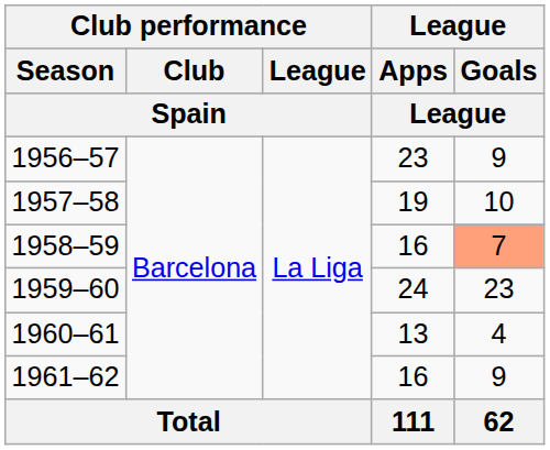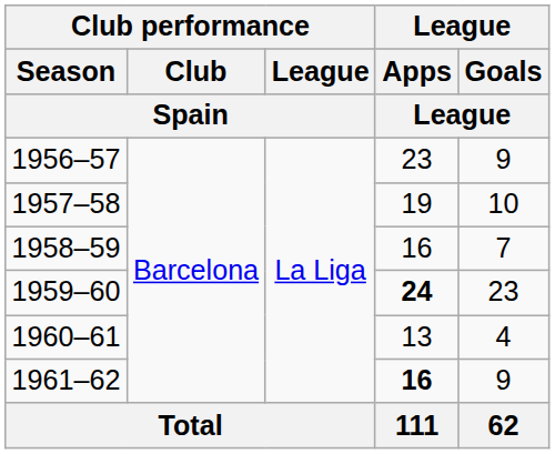 <table class="wikitable" style="text-align:center;">
 <tr>
 <th colspan=3>Club performance</th>
 <th colspan=2>League</th>
 </tr>
 <tr>
 <th>Season</th>
 <th>Club</th>
 <th>League</th>
 <th>Apps</th>
 <th>Goals</th>
 </tr>
 <tr>
 <th colspan=3>Spain</th>
 <th colspan=2>League</th>
 </tr>
 <tr>
 <td>1956–57</td>
 <td rowspan="6"><a href='#'>Barcelona</a></td>
 <td rowspan="6"><a href='#'>La Liga</a></td>
 <td>23</td>
 <td>9</td>
 </tr>
 <tr>
 <td>1957–58</td>
 <td>19</td>
 <td>10</td>
 </tr>
 <tr>
 <td>1958–59</td>
 <td>16</td>
-<td style="background: lightsalmon;">7</td>
+<td>7</td>
 </tr>
 <tr>
 <td>1959–60</td>
-<td>24</td>
+<td><strong>24</strong></td>
 <td>23</td>
 </tr>
 <tr>
 <td>1960–61</td>
 <td>13</td>
 <td>4</td>
 </tr>
 <tr>
 <td>1961–62</td>
-<td>16</td>
+<td><strong>16</strong></td>
 <td>9</td>
 </tr>
 <tr>
 <th colspan=3>Total</th>
 <th>111</th>
 <th>62</th>
 </tr>
 </table>
